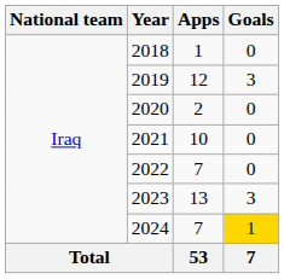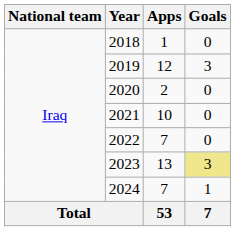 <table class="wikitable" style="text-align:center">
 <tr>
 <th>National team</th>
 <th>Year</th>
 <th>Apps</th>
 <th>Goals</th>
 </tr>
 <tr>
 <td rowspan="7"><a href='#'>Iraq</a></td>
 <td>2018</td>
 <td>1</td>
 <td>0</td>
 </tr>
 <tr>
 <td>2019</td>
 <td>12</td>
 <td>3</td>
 </tr>
 <tr>
 <td>2020</td>
 <td>2</td>
 <td>0</td>
 </tr>
 <tr>
 <td>2021</td>
 <td>10</td>
 <td>0</td>
 </tr>
 <tr>
 <td>2022</td>
 <td>7</td>
 <td>0</td>
 </tr>
 <tr>
 <td>2023</td>
 <td>13</td>
-<td>3</td>
+<td style="background: khaki;">3</td>
 </tr>
 <tr>
 <td>2024</td>
 <td>7</td>
-<td style="background: gold;">1</td>
+<td>1</td>
 </tr>
 <tr>
 <th colspan="2">Total</th>
 <th>53</th>
 <th>7</th>
 </tr>
 </table>
